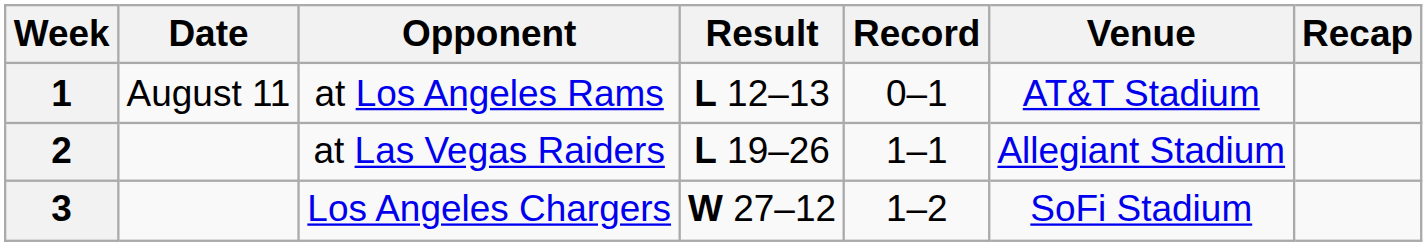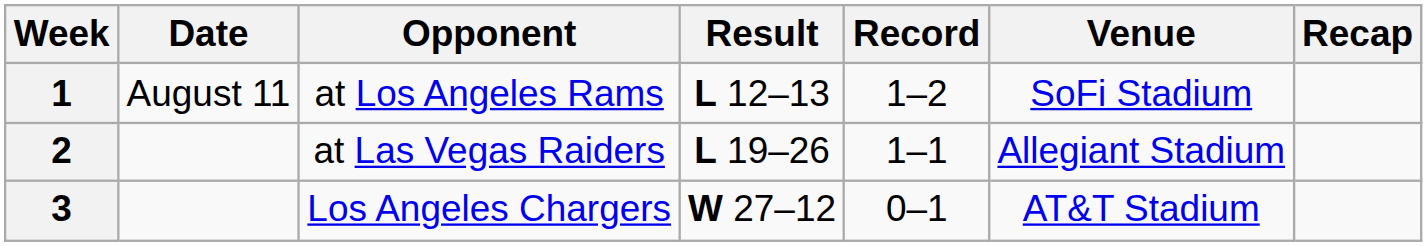 <table class="wikitable" style="text-align:center">
 <tr>
 <th>Week</th>
 <th>Date</th>
 <th>Opponent</th>
 <th>Result</th>
 <th>Record</th>
 <th>Venue</th>
 <th>Recap</th>
 </tr>
 <tr>
 <th>1</th>
 <td>August 11</td>
 <td>at <a href='#'>Los Angeles Rams</a></td>
 <td><strong>L</strong> 12–13</td>
-<td>0–1</td>
-<td><a href='#'>AT&T Stadium</a></td>
+<td>1–2</td>
+<td><a href='#'>SoFi Stadium</a></td>
 <td></td>
 </tr>
 <tr>
 <th>2</th>
 <td></td>
 <td>at <a href='#'>Las Vegas Raiders</a></td>
 <td><strong>L</strong> 19–26</td>
 <td>1–1</td>
 <td><a href='#'>Allegiant Stadium</a></td>
 <td></td>
 </tr>
 <tr>
 <th>3</th>
 <td></td>
 <td><a href='#'>Los Angeles Chargers</a></td>
 <td><strong>W</strong> 27–12</td>
-<td>1–2</td>
-<td><a href='#'>SoFi Stadium</a></td>
+<td>0–1</td>
+<td><a href='#'>AT&T Stadium</a></td>
 <td></td>
 </tr>
 </table>
